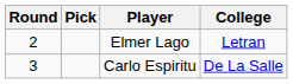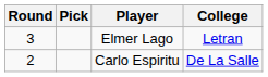 <table class="wikitable sortable sortable">
 <tr>
 <th>Round</th>
 <th>Pick</th>
 <th>Player</th>
 <th>College</th>
 </tr>
 <tr style="text-align: center">
-<td align="center">2</td>
+<td align="center">3</td>
 <td align="center"></td>
 <td>Elmer Lago</td>
 <td><a href='#'>Letran</a></td>
 </tr>
 <tr style="text-align: center">
-<td align="center">3</td>
+<td align="center">2</td>
 <td align="center"></td>
 <td>Carlo Espiritu</td>
 <td><a href='#'>De La Salle</a></td>
 </tr>
 </table>
